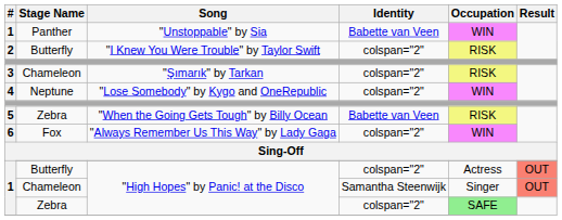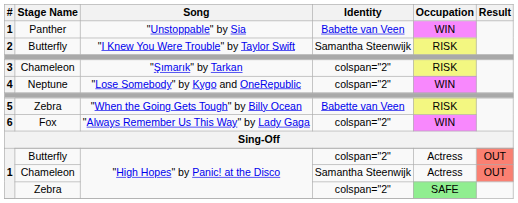 <table class="wikitable plainrowheaders" style="text-align: center;">
 <tr>
 <th>#</th>
 <th>Stage Name</th>
 <th>Song</th>
 <th>Identity</th>
 <th>Occupation</th>
 <th>Result</th>
 </tr>
 <tr>
 <th>1</th>
 <td>Panther</td>
 <td>"<a href='#'>Unstoppable</a>" by <a href='#'>Sia</a></td>
 <td><a href='#'>Babette van Veen</a></td>
 <td bgcolor="F888FD">WIN</td>
 </tr>
 <tr>
 <th>2</th>
 <td>Butterfly</td>
 <td>"<a href='#'>I Knew You Were Trouble</a>" by <a href='#'>Taylor Swift</a></td>
-<td>colspan="2" </td>
+<td>Samantha Steenwijk</td>
 <td bgcolor="F3F781">RISK</td>
 </tr>
 <tr>
 <th colspan="6" style="background:darkgrey"></th>
 </tr>
 <tr>
 <th>3</th>
 <td>Chameleon</td>
 <td>"<a href='#'>Şımarık</a>" by <a href='#'>Tarkan</a></td>
 <td>colspan="2" </td>
 <td bgcolor="F3F781">RISK</td>
 </tr>
 <tr>
 <th>4</th>
 <td>Neptune</td>
 <td>"<a href='#'>Lose Somebody</a>" by <a href='#'>Kygo</a> and <a href='#'>OneRepublic</a></td>
 <td>colspan="2" </td>
 <td bgcolor="F888FD">WIN</td>
 </tr>
 <tr>
 <th colspan="6" style="background:darkgrey"></th>
 </tr>
 <tr>
 <th>5</th>
 <td>Zebra</td>
 <td>"<a href='#'>When the Going Gets Tough</a>" by <a href='#'>Billy Ocean</a></td>
 <td><a href='#'>Babette van Veen</a></td>
 <td bgcolor="F3F781">RISK</td>
 </tr>
 <tr>
 <th>6</th>
 <td>Fox</td>
 <td>"<a href='#'>Always Remember Us This Way</a>" by <a href='#'>Lady Gaga</a></td>
 <td>colspan="2" </td>
 <td bgcolor="F888FD">WIN</td>
 </tr>
 <tr>
 <th colspan="6">Sing-Off</th>
 </tr>
 <tr>
 <th rowspan="4">1</th>
 </tr>
 <tr>
 <td>Butterfly</td>
 <td rowspan="3">"<a href='#'>High Hopes</a>" by <a href='#'>Panic! at the Disco</a></td>
 <td>colspan="2" </td>
 <td>Actress</td>
 <td bgcolor="salmon">OUT</td>
 </tr>
 <tr>
 <td>Chameleon</td>
 <td>Samantha Steenwijk</td>
-<td>Singer</td>
+<td>Actress</td>
 <td bgcolor="salmon">OUT</td>
 </tr>
 <tr>
 <td>Zebra</td>
 <td>colspan="2" </td>
 <td bgcolor="lightgreen">SAFE</td>
 </tr>
 <tr>
 </tr>
 </table>
